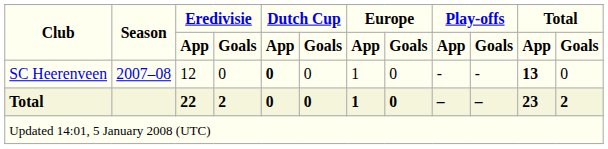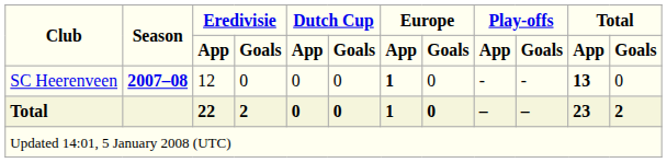 <table border=1 align=center cellpadding=4 cellspacing=2 style="background: ivory; font-size: 95%; border: 1px #aaaaaa solid; border-collapse: collapse; clear:center">
 <tr>
 <th rowspan="2">Club</th>
 <th rowspan="2">Season</th>
 <th colspan="2"> <a href='#'>Eredivisie</a></th>
 <th colspan="2"><a href='#'>Dutch Cup</a></th>
 <th colspan="2">Europe</th>
 <th colspan="2"><a href='#'>Play-offs</a></th>
 <th colspan="2">Total</th>
 </tr>
 <tr>
 <th>App</th>
 <th>Goals</th>
 <th>App</th>
 <th>Goals</th>
 <th>App</th>
 <th>Goals</th>
 <th>App</th>
 <th>Goals</th>
 <th>App</th>
 <th>Goals</th>
 </tr>
 <tr>
 <td rowspan="1" valign=top><a href='#'>SC Heerenveen</a></td>
-<td><a href='#'>2007–08</a></td>
+<td><strong><a href='#'>2007–08</a></strong></td>
 <td>12</td>
 <td>0</td>
-<td><strong>0</strong></td>
 <td>0</td>
-<td>1</td>
+<td>0</td>
+<td><strong>1</strong></td>
 <td>0</td>
 <td>-</td>
 <td>-</td>
 <td><strong>13</strong></td>
 <td>0</td>
 </tr>
 <tr>
 <th align=left style="background:beige">Total</th>
 <th align=left style="background:beige" colspan="1"></th>
 <th align=left style="background:beige">22</th>
 <th align=left style="background:beige">2</th>
 <th align=left style="background:beige">0</th>
 <th align=left style="background:beige">0</th>
 <th align=left style="background:beige">1</th>
 <th align=left style="background:beige">0</th>
 <th align=left style="background:beige">–</th>
 <th align=left style="background:beige">–</th>
 <th align=left style="background:beige">23</th>
 <th align=left style="background:beige">2</th>
 </tr>
 <tr>
 <td colspan="12"><small> Updated 14:01, 5 January 2008 (UTC)</small></td>
 </tr>
 </table>
